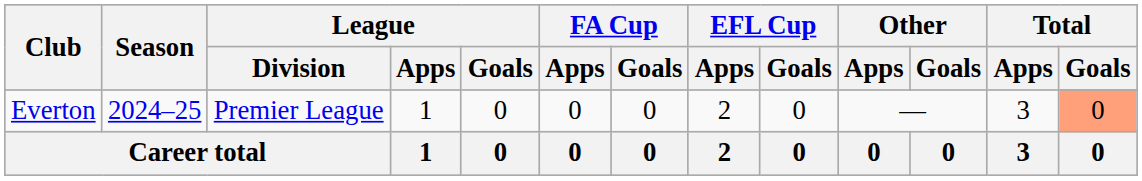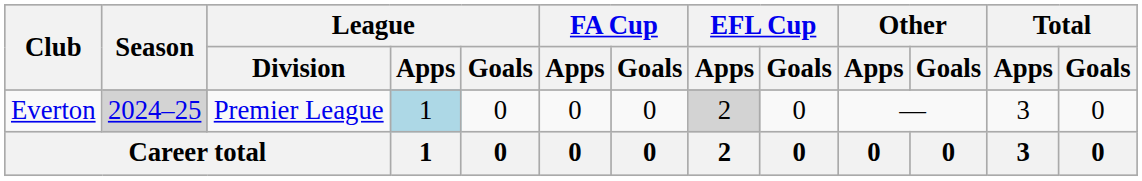 <table class="wikitable" style="text-align: center;">
 <tr>
 <th rowspan="2">Club</th>
 <th rowspan="2">Season</th>
 <th colspan="3">League</th>
 <th colspan="2"><a href='#'>FA Cup</a></th>
 <th colspan="2"><a href='#'>EFL Cup</a></th>
 <th colspan="2">Other</th>
 <th colspan="2">Total</th>
 </tr>
 <tr>
 <th>Division</th>
 <th>Apps</th>
 <th>Goals</th>
 <th>Apps</th>
 <th>Goals</th>
 <th>Apps</th>
 <th>Goals</th>
 <th>Apps</th>
 <th>Goals</th>
 <th>Apps</th>
 <th>Goals</th>
 </tr>
 <tr>
 <td><a href='#'>Everton</a></td>
-<td><a href='#'>2024–25</a></td>
+<td style="background: lightgrey;"><a href='#'>2024–25</a></td>
 <td><a href='#'>Premier League</a></td>
-<td>1</td>
+<td style="background: lightblue;">1</td>
 <td>0</td>
 <td>0</td>
 <td>0</td>
-<td>2</td>
+<td style="background: lightgrey;">2</td>
 <td>0</td>
 <td colspan=2>—</td>
 <td>3</td>
-<td style="background: lightsalmon;">0</td>
+<td>0</td>
 </tr>
 <tr>
 <th colspan="3">Career total</th>
 <th>1</th>
 <th>0</th>
 <th>0</th>
 <th>0</th>
 <th>2</th>
 <th>0</th>
 <th>0</th>
 <th>0</th>
 <th>3</th>
 <th>0</th>
 </tr>
 </table>
